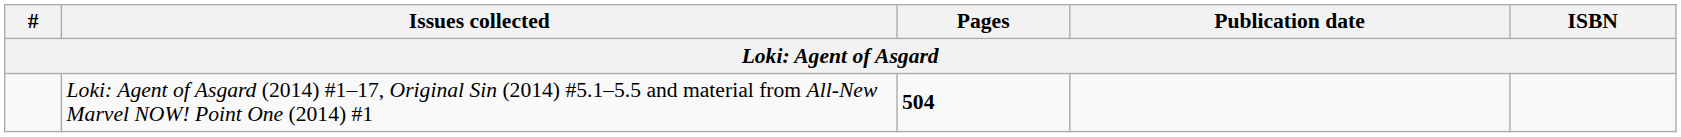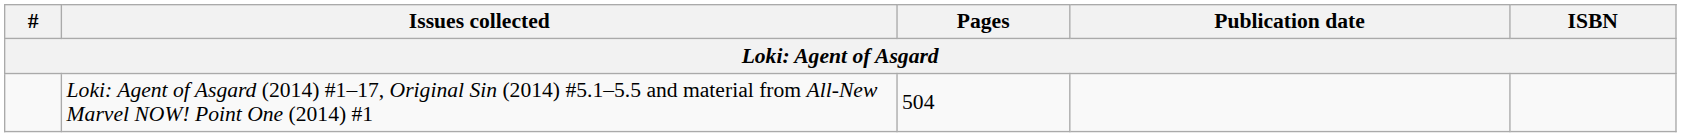 <table class="wikitable sortable" width=98%>
 <tr>
 <th class="unsortable">#</th>
 <th class="unsortable" width="50%">Issues collected</th>
 <th>Pages</th>
 <th>Publication date</th>
 <th class="unsortable">ISBN</th>
 </tr>
 <tr>
 <th colspan="5"><strong><em>Loki: Agent of Asgard</em></strong></th>
 </tr>
 <tr>
 <td></td>
 <td><em>Loki: Agent of Asgard</em> (2014) #1–17, <em>Original Sin</em> (2014) #5.1–5.5 and material from <em>All-New Marvel NOW! Point One</em> (2014) #1</td>
-<td><strong>504</strong></td>
+<td>504</td>
 <td></td>
 <td></td>
 </tr>
 </table>
